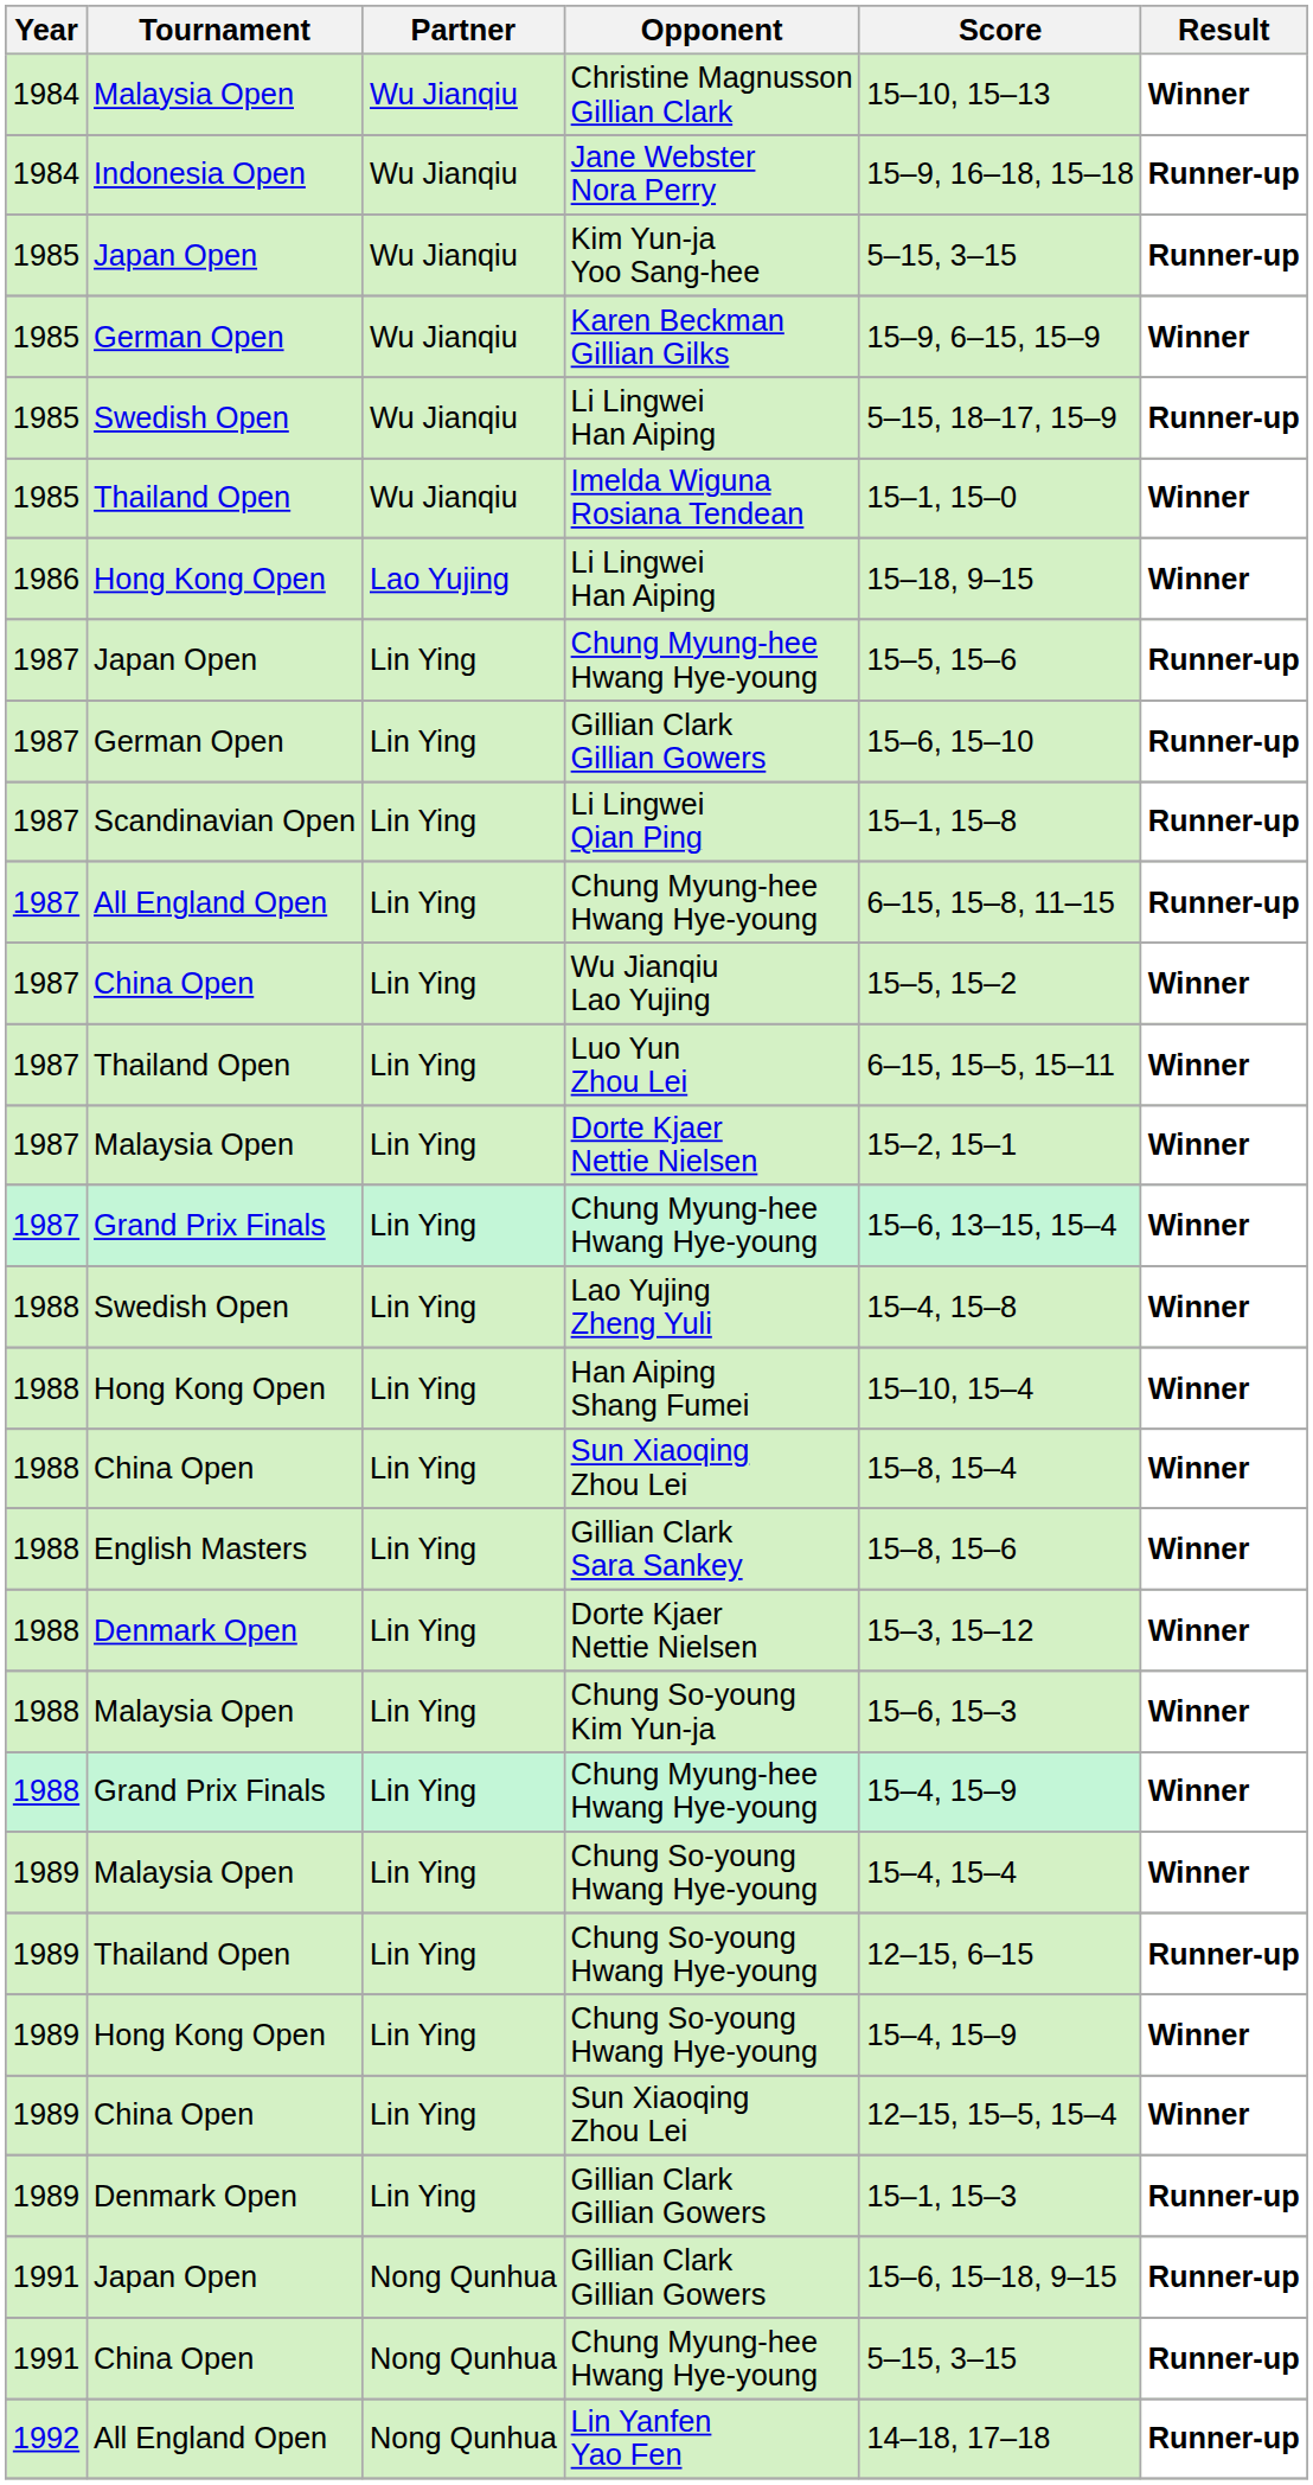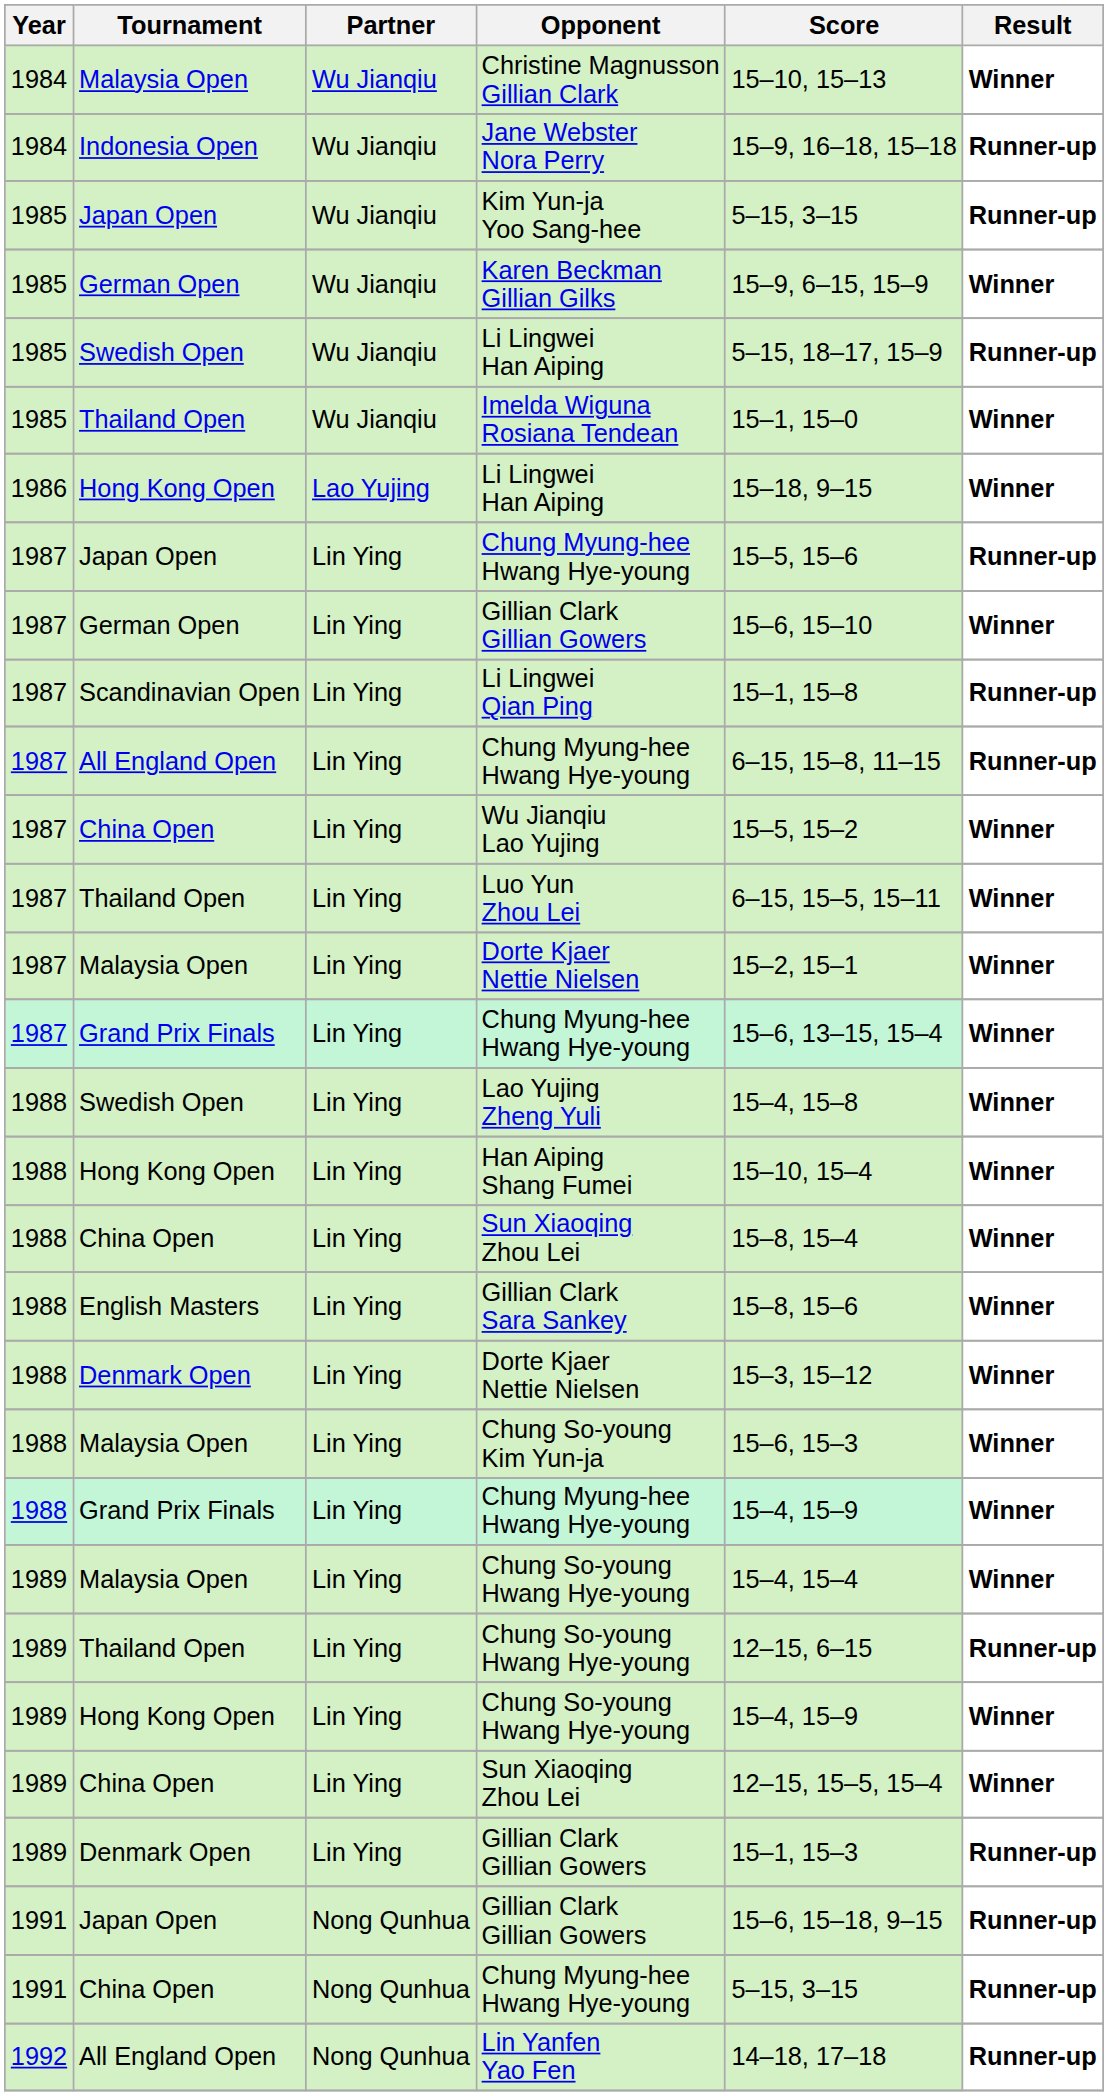 <table class="sortable wikitable" style="font-size: 90%;">
 <tr>
 <th>Year</th>
 <th>Tournament</th>
 <th>Partner</th>
 <th>Opponent</th>
 <th>Score</th>
 <th>Result</th>
 </tr>
 <tr style="background:#D4F1C5">
 <td align="center">1984</td>
 <td align="left"><a href='#'>Malaysia Open</a></td>
 <td align="left"> <a href='#'>Wu Jianqiu</a></td>
 <td align="left"> Christine Magnusson <br>  <a href='#'>Gillian Clark</a></td>
 <td align="left">15–10, 15–13</td>
 <td style="text-align:left; background:white"> <strong>Winner</strong></td>
 </tr>
 <tr>
 </tr>
 <tr style="background:#D4F1C5">
 <td align="center">1984</td>
 <td align="left"><a href='#'>Indonesia Open</a></td>
 <td align="left"> Wu Jianqiu</td>
 <td align="left"> <a href='#'>Jane Webster</a> <br>  <a href='#'>Nora Perry</a></td>
 <td align="left">15–9, 16–18, 15–18</td>
 <td style="text-align:left; background:white"> <strong>Runner-up</strong></td>
 </tr>
 <tr>
 </tr>
 <tr style="background:#D4F1C5">
 <td align="center">1985</td>
 <td align="left"><a href='#'>Japan Open</a></td>
 <td align="left"> Wu Jianqiu</td>
 <td align="left"> Kim Yun-ja <br>  Yoo Sang-hee</td>
 <td align="left">5–15, 3–15</td>
 <td style="text-align:left; background:white"> <strong>Runner-up</strong></td>
 </tr>
 <tr>
 </tr>
 <tr style="background:#D4F1C5">
 <td align="center">1985</td>
 <td align="left"><a href='#'>German Open</a></td>
 <td align="left"> Wu Jianqiu</td>
 <td align="left"> <a href='#'>Karen Beckman</a> <br>  <a href='#'>Gillian Gilks</a></td>
 <td align="left">15–9, 6–15, 15–9</td>
 <td style="text-align:left; background:white"> <strong>Winner</strong></td>
 </tr>
 <tr>
 </tr>
 <tr>
 </tr>
 <tr style="background:#D4F1C5">
 <td align="center">1985</td>
 <td align="left"><a href='#'>Swedish Open</a></td>
 <td align="left"> Wu Jianqiu</td>
 <td align="left"> Li Lingwei <br>  Han Aiping</td>
 <td align="left">5–15, 18–17, 15–9</td>
 <td style="text-align:left; background:white"> <strong>Runner-up</strong></td>
 </tr>
 <tr>
 </tr>
 <tr style="background:#D4F1C5">
 <td align="center">1985</td>
 <td align="left"><a href='#'>Thailand Open</a></td>
 <td align="left"> Wu Jianqiu</td>
 <td align="left"> <a href='#'>Imelda Wiguna</a> <br>  <a href='#'>Rosiana Tendean</a></td>
 <td align="left">15–1, 15–0</td>
 <td style="text-align:left; background:white"> <strong>Winner</strong></td>
 </tr>
 <tr>
 </tr>
 <tr style="background:#D4F1C5">
 <td align="center">1986</td>
 <td align="left"><a href='#'>Hong Kong Open</a></td>
 <td align="left"> <a href='#'>Lao Yujing</a></td>
 <td align="left"> Li Lingwei <br>  Han Aiping</td>
 <td align="left">15–18, 9–15</td>
 <td style="text-align:left; background:white"> <strong>Winner</strong></td>
 </tr>
 <tr>
 </tr>
 <tr style="background:#D4F1C5">
 <td align="center">1987</td>
 <td align="left">Japan Open</td>
 <td align="left"> Lin Ying</td>
 <td align="left"> <a href='#'>Chung Myung-hee</a> <br>  Hwang Hye-young</td>
 <td align="left">15–5, 15–6</td>
 <td style="text-align:left; background:white"> <strong>Runner-up</strong></td>
 </tr>
 <tr>
 </tr>
 <tr style="background:#D4F1C5">
 <td align="center">1987</td>
 <td align="left">German Open</td>
 <td align="left"> Lin Ying</td>
 <td align="left"> Gillian Clark <br>  <a href='#'>Gillian Gowers</a></td>
 <td align="left">15–6, 15–10</td>
-<td style="text-align:left; background:white"> <strong>Runner-up</strong></td>
+<td style="text-align:left; background:white"> <strong>Winner</strong></td>
 </tr>
 <tr>
 </tr>
 <tr style="background:#D4F1C5">
 <td align="center">1987</td>
 <td align="left">Scandinavian Open</td>
 <td align="left"> Lin Ying</td>
 <td align="left"> Li Lingwei <br>  <a href='#'>Qian Ping</a></td>
 <td align="left">15–1, 15–8</td>
 <td style="text-align:left; background:white"> <strong>Runner-up</strong></td>
 </tr>
 <tr>
 </tr>
 <tr style="background:#D4F1C5">
 <td align="center"><a href='#'>1987</a></td>
 <td align="left"><a href='#'>All England Open</a></td>
 <td align="left"> Lin Ying</td>
 <td align="left"> Chung Myung-hee <br>  Hwang Hye-young</td>
 <td align="left">6–15, 15–8, 11–15</td>
 <td style="text-align:left; background:white"> <strong>Runner-up</strong></td>
 </tr>
 <tr>
 </tr>
 <tr style="background:#D4F1C5">
 <td align="center">1987</td>
 <td align="left"><a href='#'>China Open</a></td>
 <td align="left"> Lin Ying</td>
 <td align="left"> Wu Jianqiu <br>  Lao Yujing</td>
 <td align="left">15–5, 15–2</td>
 <td style="text-align:left; background:white"> <strong>Winner</strong></td>
 </tr>
 <tr>
 </tr>
 <tr style="background:#D4F1C5">
 <td align="center">1987</td>
 <td align="left">Thailand Open</td>
 <td align="left"> Lin Ying</td>
 <td align="left"> Luo Yun <br>  <a href='#'>Zhou Lei</a></td>
 <td align="left">6–15, 15–5, 15–11</td>
 <td style="text-align:left; background:white"> <strong>Winner</strong></td>
 </tr>
 <tr>
 </tr>
 <tr style="background:#D4F1C5">
 <td align="center">1987</td>
 <td align="left">Malaysia Open</td>
 <td align="left"> Lin Ying</td>
 <td align="left"> <a href='#'>Dorte Kjaer</a> <br>  <a href='#'>Nettie Nielsen</a></td>
 <td align="left">15–2, 15–1</td>
 <td style="text-align:left; background:white"> <strong>Winner</strong></td>
 </tr>
 <tr>
 </tr>
 <tr style="background:#C3F6D7">
 <td align="center"><a href='#'>1987</a></td>
 <td align="left"><a href='#'>Grand Prix Finals</a></td>
 <td align="left"> Lin Ying</td>
 <td align="left"> Chung Myung-hee<br>  Hwang Hye-young</td>
 <td align="left">15–6, 13–15, 15–4</td>
 <td style="text-align:left; background:white"> <strong>Winner</strong></td>
 </tr>
 <tr>
 </tr>
 <tr style="background:#D4F1C5">
 <td align="center">1988</td>
 <td align="left">Swedish Open</td>
 <td align="left"> Lin Ying</td>
 <td align="left"> Lao Yujing <br>  <a href='#'>Zheng Yuli</a></td>
 <td align="left">15–4, 15–8</td>
 <td style="text-align:left; background:white"> <strong>Winner</strong></td>
 </tr>
 <tr>
 </tr>
 <tr style="background:#D4F1C5">
 <td align="center">1988</td>
 <td align="left">Hong Kong Open</td>
 <td align="left"> Lin Ying</td>
 <td align="left"> Han Aiping <br>  Shang Fumei</td>
 <td align="left">15–10, 15–4</td>
 <td style="text-align:left; background:white"> <strong>Winner</strong></td>
 </tr>
 <tr>
 </tr>
 <tr style="background:#D4F1C5">
 <td align="center">1988</td>
 <td align="left">China Open</td>
 <td align="left"> Lin Ying</td>
 <td align="left"> <a href='#'>Sun Xiaoqing</a> <br>  Zhou Lei</td>
 <td align="left">15–8, 15–4</td>
 <td style="text-align:left; background:white"> <strong>Winner</strong></td>
 </tr>
 <tr>
 </tr>
 <tr style="background:#D4F1C5">
 <td align="center">1988</td>
 <td align="left">English Masters</td>
 <td align="left"> Lin Ying</td>
 <td align="left"> Gillian Clark <br>  <a href='#'>Sara Sankey</a></td>
 <td align="left">15–8, 15–6</td>
 <td style="text-align:left; background:white"> <strong>Winner</strong></td>
 </tr>
 <tr>
 </tr>
 <tr style="background:#D4F1C5">
 <td align="center">1988</td>
 <td align="left"><a href='#'>Denmark Open</a></td>
 <td align="left"> Lin Ying</td>
 <td align="left"> Dorte Kjaer <br>  Nettie Nielsen</td>
 <td align="left">15–3, 15–12</td>
 <td style="text-align:left; background:white"> <strong>Winner</strong></td>
 </tr>
 <tr>
 </tr>
 <tr style="background:#D4F1C5">
 <td align="center">1988</td>
 <td align="left">Malaysia Open</td>
 <td align="left"> Lin Ying</td>
 <td align="left"> Chung So-young <br>  Kim Yun-ja</td>
 <td align="left">15–6, 15–3</td>
 <td style="text-align:left; background:white"> <strong>Winner</strong></td>
 </tr>
 <tr>
 </tr>
 <tr style="background:#C3F6D7">
 <td align="center"><a href='#'>1988</a></td>
 <td align="left">Grand Prix Finals</td>
 <td align="left"> Lin Ying</td>
 <td align="left"> Chung Myung-hee<br>  Hwang Hye-young</td>
 <td align="left">15–4, 15–9</td>
 <td style="text-align:left; background:white"> <strong>Winner</strong></td>
 </tr>
 <tr>
 </tr>
 <tr style="background:#D4F1C5">
 <td align="center">1989</td>
 <td align="left">Malaysia Open</td>
 <td align="left"> Lin Ying</td>
 <td align="left"> Chung So-young <br>  Hwang Hye-young</td>
 <td align="left">15–4, 15–4</td>
 <td style="text-align:left; background:white"> <strong>Winner</strong></td>
 </tr>
 <tr>
 </tr>
 <tr style="background:#D4F1C5">
 <td align="center">1989</td>
 <td align="left">Thailand Open</td>
 <td align="left"> Lin Ying</td>
 <td align="left"> Chung So-young <br>  Hwang Hye-young</td>
 <td align="left">12–15, 6–15</td>
 <td style="text-align:left; background:white"> <strong>Runner-up</strong></td>
 </tr>
 <tr>
 </tr>
 <tr style="background:#D4F1C5">
 <td align="center">1989</td>
 <td align="left">Hong Kong Open</td>
 <td align="left"> Lin Ying</td>
 <td align="left"> Chung So-young <br>  Hwang Hye-young</td>
 <td align="left">15–4, 15–9</td>
 <td style="text-align:left; background:white"> <strong>Winner</strong></td>
 </tr>
 <tr>
 </tr>
 <tr style="background:#D4F1C5">
 <td align="center">1989</td>
 <td align="left">China Open</td>
 <td align="left"> Lin Ying</td>
 <td align="left"> Sun Xiaoqing <br>  Zhou Lei</td>
 <td align="left">12–15, 15–5, 15–4</td>
 <td style="text-align:left; background:white"> <strong>Winner</strong></td>
 </tr>
 <tr>
 </tr>
 <tr style="background:#D4F1C5">
 <td align="center">1989</td>
 <td align="left">Denmark Open</td>
 <td align="left"> Lin Ying</td>
 <td align="left"> Gillian Clark <br>  Gillian Gowers</td>
 <td align="left">15–1, 15–3</td>
 <td style="text-align:left; background:white"> <strong>Runner-up</strong></td>
 </tr>
 <tr>
 </tr>
 <tr style="background:#D4F1C5">
 <td align="center">1991</td>
 <td align="left">Japan Open</td>
 <td align="left"> Nong Qunhua</td>
 <td align="left"> Gillian Clark <br> Gillian Gowers</td>
 <td align="left">15–6, 15–18, 9–15</td>
 <td style="text-align:left; background:white"> <strong>Runner-up</strong></td>
 </tr>
 <tr>
 </tr>
 <tr style="background:#D4F1C5">
 <td align="center">1991</td>
 <td align="left">China Open</td>
 <td align="left"> Nong Qunhua</td>
 <td align="left"> Chung Myung-hee <br> Hwang Hye-young</td>
 <td align="left">5–15, 3–15</td>
 <td style="text-align:left; background:white"> <strong>Runner-up</strong></td>
 </tr>
 <tr>
 </tr>
 <tr style="background:#D4F1C5">
 <td align="center"><a href='#'>1992</a></td>
 <td align="left">All England Open</td>
 <td align="left"> Nong Qunhua</td>
 <td align="left"> <a href='#'>Lin Yanfen</a> <br> <a href='#'>Yao Fen</a></td>
 <td align="left">14–18, 17–18</td>
 <td style="text-align:left; background:white"> <strong>Runner-up</strong></td>
 </tr>
 <tr>
 </tr>
 </table>
